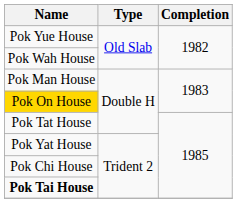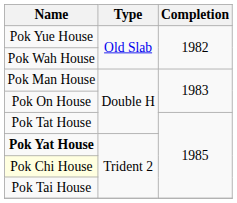 <table class="wikitable" style="text-align: center">
 <tr>
 <th>Name</th>
 <th>Type</th>
 <th>Completion</th>
 </tr>
 <tr>
 <td>Pok Yue House</td>
 <td rowspan="2"><a href='#'>Old Slab</a></td>
 <td rowspan="2">1982</td>
 </tr>
 <tr>
 <td>Pok Wah House</td>
 </tr>
 <tr>
 <td>Pok Man House</td>
 <td rowspan="3">Double H</td>
 <td rowspan="2">1983</td>
 </tr>
 <tr>
-<td style="background: gold;">Pok On House</td>
+<td>Pok On House</td>
 </tr>
 <tr>
 <td>Pok Tat House</td>
 <td rowspan="4">1985</td>
 </tr>
 <tr>
-<td>Pok Yat House</td>
+<td><strong>Pok Yat House</strong></td>
 <td rowspan="3">Trident 2</td>
 </tr>
 <tr>
-<td>Pok Chi House</td>
+<td style="background: lightyellow;">Pok Chi House</td>
 </tr>
 <tr>
-<td><strong>Pok Tai House</strong></td>
+<td>Pok Tai House</td>
 </tr>
 <tr>
 </tr>
 </table>
